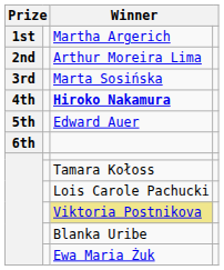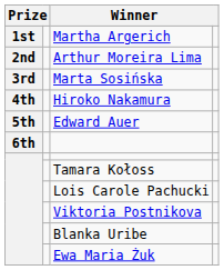 <table class="wikitable">
 <tr>
 <th colspan="2">Prize</th>
 <th colspan="2">Winner</th>
 </tr>
 <tr>
 <th>1st</th>
 <td></td>
 <td><a href='#'>Martha Argerich</a></td>
 <td></td>
 </tr>
 <tr>
 <th>2nd</th>
 <td></td>
 <td><a href='#'>Arthur Moreira Lima</a></td>
 <td></td>
 </tr>
 <tr>
 <th>3rd</th>
 <td></td>
 <td><a href='#'>Marta Sosińska</a></td>
 <td></td>
 </tr>
 <tr>
 <th>4th</th>
 <td></td>
-<td><strong><a href='#'>Hiroko Nakamura</a></strong></td>
+<td><a href='#'>Hiroko Nakamura</a></td>
 <td></td>
 </tr>
 <tr>
 <th>5th</th>
 <td></td>
 <td><a href='#'>Edward Auer</a></td>
 <td></td>
 </tr>
 <tr>
 <th>6th</th>
 <td></td>
 <td></td>
 <td></td>
 </tr>
 <tr>
 <th rowspan="6"></th>
 <td></td>
 <td></td>
 <td></td>
 </tr>
 <tr>
 <td></td>
 <td>Tamara Kołoss</td>
 <td></td>
 </tr>
 <tr>
 <td></td>
 <td>Lois Carole Pachucki</td>
 <td></td>
 </tr>
 <tr>
 <td></td>
-<td style="background: khaki;"><a href='#'>Viktoria Postnikova</a></td>
+<td><a href='#'>Viktoria Postnikova</a></td>
 <td></td>
 </tr>
 <tr>
 <td></td>
 <td>Blanka Uribe</td>
 <td></td>
 </tr>
 <tr>
 <td></td>
 <td><a href='#'>Ewa Maria Żuk</a></td>
 <td></td>
 </tr>
 </table>
